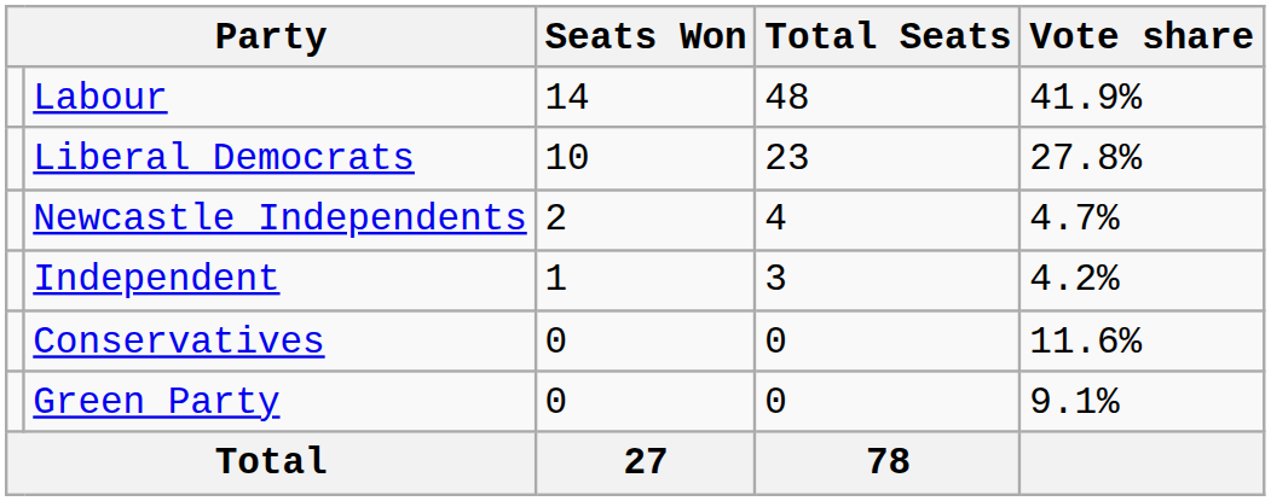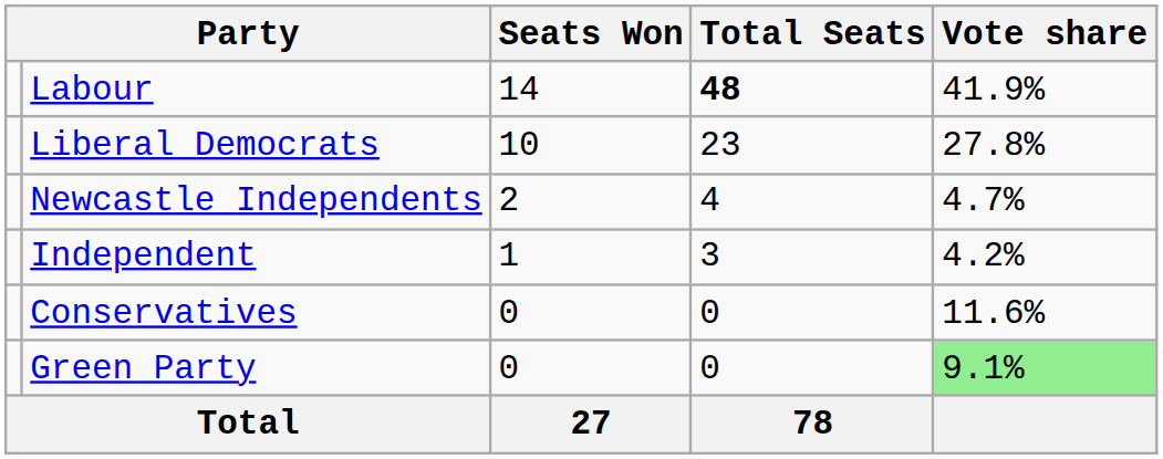 <table class="wikitable sortable">
 <tr>
 <th colspan="2" scope="col">Party</th>
 <th scope="col">Seats Won</th>
 <th>Total Seats</th>
 <th scope="col">Vote share</th>
 </tr>
 <tr>
 <td style="color:inherit;background-color: "></td>
 <td scope="row"><a href='#'>Labour</a></td>
 <td>14</td>
-<td>48</td>
+<td><strong>48</strong></td>
 <td>41.9%</td>
 </tr>
 <tr>
 <td style="color:inherit;background-color: "></td>
 <td scope="row"><a href='#'>Liberal Democrats</a></td>
 <td>10</td>
 <td>23</td>
 <td>27.8%</td>
 </tr>
 <tr>
 <td style="color:inherit;background-color: "></td>
 <td scope="row"><a href='#'>Newcastle Independents</a></td>
 <td>2</td>
 <td>4</td>
 <td>4.7%</td>
 </tr>
 <tr>
 <td style="color:inherit;background-color: "></td>
 <td scope="row"><a href='#'>Independent</a></td>
 <td>1</td>
 <td>3</td>
 <td>4.2%</td>
 </tr>
 <tr>
 <td style="color:inherit;background-color: "></td>
 <td scope="row"><a href='#'>Conservatives</a></td>
 <td>0</td>
 <td>0</td>
 <td>11.6%</td>
 </tr>
 <tr>
 <td style="color:inherit;background-color: "></td>
 <td scope="row"><a href='#'>Green Party</a></td>
 <td>0</td>
 <td>0</td>
-<td>9.1%</td>
+<td style="background: lightgreen;">9.1%</td>
 </tr>
 <tr>
 <th colspan="2">Total</th>
 <th>27</th>
 <th>78</th>
 <th></th>
 </tr>
 </table>
